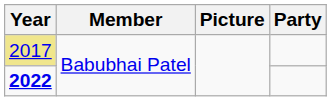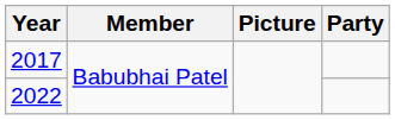 <table class="wikitable sortable">
 <tr>
 <th>Year</th>
 <th>Member</th>
 <th>Picture</th>
 <th colspan="2">Party</th>
 </tr>
 <tr>
-<td style="background: khaki;"><a href='#'>2017</a></td>
+<td><a href='#'>2017</a></td>
 <td rowspan="2"><a href='#'>Babubhai Patel</a></td>
 <td rowspan="2"></td>
 <td></td>
 </tr>
 <tr>
-<td><strong><a href='#'>2022</a></strong></td>
+<td><a href='#'>2022</a></td>
 </tr>
 </table>
